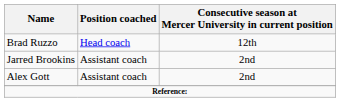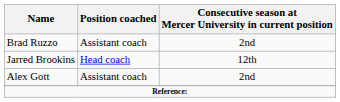 <table class="wikitable" style="font-size:93%;">
 <tr>
 <th>Name</th>
 <th>Position coached</th>
 <th>Consecutive season at<br>Mercer University in current position</th>
 </tr>
 <tr>
 <td>Brad Ruzzo</td>
-<td><a href='#'>Head coach</a></td>
-<td align=center>12th</td>
+<td>Assistant coach</td>
+<td align=center>2nd</td>
 </tr>
 <tr>
 <td>Jarred Brookins</td>
-<td>Assistant coach</td>
-<td align=center>2nd</td>
+<td><a href='#'>Head coach</a></td>
+<td align=center>12th</td>
 </tr>
 <tr>
 <td>Alex Gott</td>
 <td>Assistant coach</td>
 <td align=center>2nd</td>
 </tr>
 <tr>
 </tr>
 <tr>
 <td colspan="4" style="font-size:8pt; text-align:center;"><strong>Reference:</strong></td>
 </tr>
 </table>
